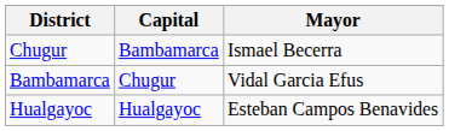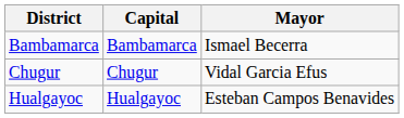 <table class="wikitable">
 <tr>
 <th>District</th>
 <th>Capital</th>
 <th>Mayor</th>
 </tr>
 <tr>
-<td><a href='#'>Chugur</a></td>
+<td><a href='#'>Bambamarca</a></td>
 <td><a href='#'>Bambamarca</a></td>
 <td>Ismael Becerra</td>
 </tr>
 <tr>
-<td><a href='#'>Bambamarca</a></td>
+<td><a href='#'>Chugur</a></td>
 <td><a href='#'>Chugur</a></td>
 <td>Vidal Garcia Efus</td>
 </tr>
 <tr>
 <td><a href='#'>Hualgayoc</a></td>
 <td><a href='#'>Hualgayoc</a></td>
 <td>Esteban Campos Benavides</td>
 </tr>
 </table>
